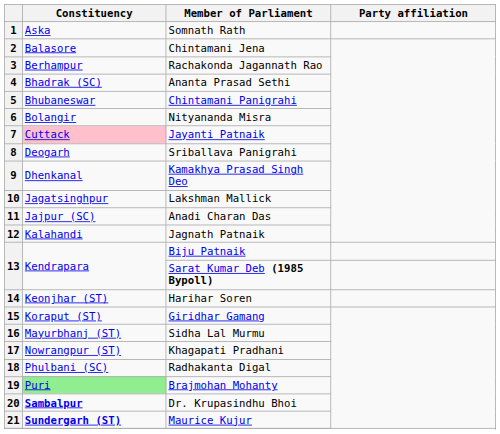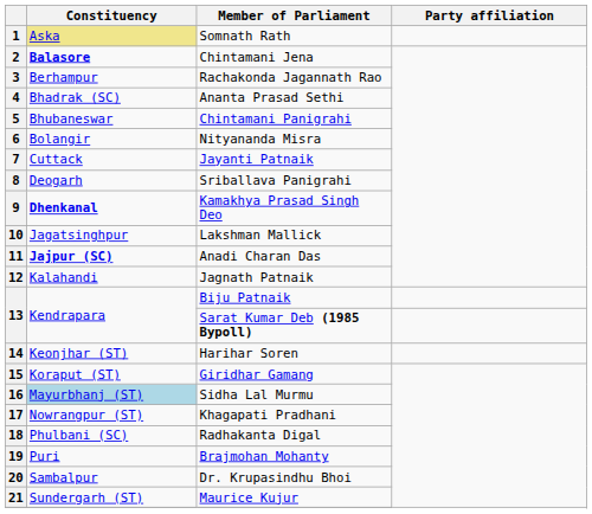 <table class="wikitable sortable">
 <tr style="text-align:center;">
 <th></th>
 <th style="width:13em">Constituency</th>
 <th style="width:15em">Member of Parliament</th>
 <th colspan="2" style="width:15em">Party affiliation</th>
 </tr>
 <tr>
 <th>1</th>
-<td><a href='#'>Aska</a></td>
+<td style="background: khaki;"><a href='#'>Aska</a></td>
 <td>Somnath Rath</td>
 <td></td>
 </tr>
 <tr>
 <th>2</th>
-<td><a href='#'>Balasore</a></td>
+<td><strong><a href='#'>Balasore</a></strong></td>
 <td>Chintamani Jena</td>
 </tr>
 <tr>
 <th>3</th>
 <td><a href='#'>Berhampur</a></td>
 <td>Rachakonda Jagannath Rao</td>
 </tr>
 <tr>
 <th>4</th>
 <td><a href='#'>Bhadrak (SC)</a></td>
 <td>Ananta Prasad Sethi</td>
 </tr>
 <tr>
 <th>5</th>
 <td><a href='#'>Bhubaneswar</a></td>
 <td><a href='#'>Chintamani Panigrahi</a></td>
 </tr>
 <tr>
 <th>6</th>
 <td><a href='#'>Bolangir</a></td>
 <td>Nityananda Misra</td>
 </tr>
 <tr>
 <th>7</th>
-<td style="background: pink;"><a href='#'>Cuttack</a></td>
+<td><a href='#'>Cuttack</a></td>
 <td><a href='#'>Jayanti Patnaik</a></td>
 </tr>
 <tr>
 <th>8</th>
 <td><a href='#'>Deogarh</a></td>
 <td>Sriballava Panigrahi</td>
 </tr>
 <tr>
 <th>9</th>
-<td><a href='#'>Dhenkanal</a></td>
+<td><strong><a href='#'>Dhenkanal</a></strong></td>
 <td><a href='#'>Kamakhya Prasad Singh Deo</a></td>
 </tr>
 <tr>
 <th>10</th>
 <td><a href='#'>Jagatsinghpur</a></td>
 <td>Lakshman Mallick</td>
 </tr>
 <tr>
 <th>11</th>
-<td><a href='#'>Jajpur (SC)</a></td>
+<td><strong><a href='#'>Jajpur (SC)</a></strong></td>
 <td>Anadi Charan Das</td>
 </tr>
 <tr>
 <th>12</th>
 <td><a href='#'>Kalahandi</a></td>
 <td>Jagnath Patnaik</td>
 </tr>
 <tr>
 <th rowspan=2>13</th>
 <td rowspan=2><a href='#'>Kendrapara</a></td>
 <td><a href='#'>Biju Patnaik</a></td>
 <td></td>
 </tr>
 <tr>
 <td><a href='#'>Sarat Kumar Deb</a> <strong>(1985 Bypoll)</strong></td>
 </tr>
 <tr>
 <th>14</th>
 <td><a href='#'>Keonjhar (ST)</a></td>
 <td>Harihar Soren</td>
 <td></td>
 </tr>
 <tr>
 <th>15</th>
 <td><a href='#'>Koraput (ST)</a></td>
 <td><a href='#'>Giridhar Gamang</a></td>
 </tr>
 <tr>
 <th>16</th>
-<td><a href='#'>Mayurbhanj (ST)</a></td>
+<td style="background: lightblue;"><a href='#'>Mayurbhanj (ST)</a></td>
 <td>Sidha Lal Murmu</td>
 </tr>
 <tr>
 <th>17</th>
 <td><a href='#'>Nowrangpur (ST)</a></td>
 <td>Khagapati Pradhani</td>
 </tr>
 <tr>
 <th>18</th>
 <td><a href='#'>Phulbani (SC)</a></td>
 <td>Radhakanta Digal</td>
 </tr>
 <tr>
 <th>19</th>
-<td style="background: lightgreen;"><a href='#'>Puri</a></td>
+<td><a href='#'>Puri</a></td>
 <td><a href='#'>Brajmohan Mohanty</a></td>
 </tr>
 <tr>
 <th>20</th>
-<td><strong><a href='#'>Sambalpur</a></strong></td>
+<td><a href='#'>Sambalpur</a></td>
 <td>Dr. Krupasindhu Bhoi</td>
 </tr>
 <tr>
 <th>21</th>
-<td><strong><a href='#'>Sundergarh (ST)</a></strong></td>
+<td><a href='#'>Sundergarh (ST)</a></td>
 <td><a href='#'>Maurice Kujur</a></td>
 </tr>
 <tr>
 </tr>
 </table>
